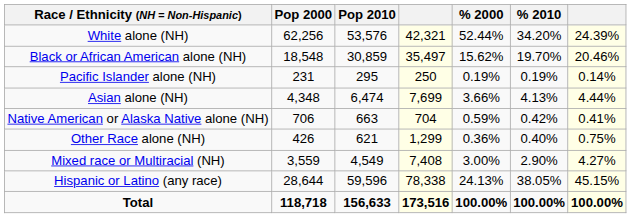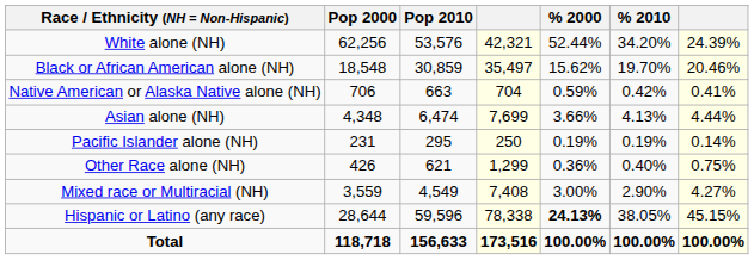 <table class="wikitable" style="text-align:center;">
 <tr>
 <th>Race / Ethnicity <small>(<em>NH = Non-Hispanic</em>)</small></th>
 <th>Pop 2000</th>
 <th>Pop 2010</th>
 <th></th>
 <th>% 2000</th>
 <th>% 2010</th>
 <th></th>
 </tr>
 <tr>
 <td><a href='#'>White</a> alone (NH)</td>
 <td>62,256</td>
 <td>53,576</td>
 <td style='background: #ffffe6;'>42,321</td>
 <td>52.44%</td>
 <td>34.20%</td>
 <td style='background: #ffffe6;'>24.39%</td>
 </tr>
 <tr>
 <td><a href='#'>Black or African American</a> alone (NH)</td>
 <td>18,548</td>
 <td>30,859</td>
 <td style='background: #ffffe6;'>35,497</td>
 <td>15.62%</td>
 <td>19.70%</td>
 <td style='background: #ffffe6;'>20.46%</td>
 </tr>
 <tr>
-<td><a href='#'>Pacific Islander</a> alone (NH)</td>
-<td>231</td>
-<td>295</td>
-<td style='background: #ffffe6;'>250</td>
-<td>0.19%</td>
-<td>0.19%</td>
-<td style='background: #ffffe6;'>0.14%</td>
+<td><a href='#'>Native American</a> or <a href='#'>Alaska Native</a> alone (NH)</td>
+<td>706</td>
+<td>663</td>
+<td style='background: #ffffe6;'>704</td>
+<td>0.59%</td>
+<td>0.42%</td>
+<td style='background: #ffffe6;'>0.41%</td>
 </tr>
 <tr>
 <td><a href='#'>Asian</a> alone (NH)</td>
 <td>4,348</td>
 <td>6,474</td>
 <td style='background: #ffffe6;'>7,699</td>
 <td>3.66%</td>
 <td>4.13%</td>
 <td style='background: #ffffe6;'>4.44%</td>
 </tr>
 <tr>
-<td><a href='#'>Native American</a> or <a href='#'>Alaska Native</a> alone (NH)</td>
-<td>706</td>
-<td>663</td>
-<td style='background: #ffffe6;'>704</td>
-<td>0.59%</td>
-<td>0.42%</td>
-<td style='background: #ffffe6;'>0.41%</td>
+<td><a href='#'>Pacific Islander</a> alone (NH)</td>
+<td>231</td>
+<td>295</td>
+<td style='background: #ffffe6;'>250</td>
+<td>0.19%</td>
+<td>0.19%</td>
+<td style='background: #ffffe6;'>0.14%</td>
 </tr>
 <tr>
 <td><a href='#'>Other Race</a> alone (NH)</td>
 <td>426</td>
 <td>621</td>
 <td style='background: #ffffe6;'>1,299</td>
 <td>0.36%</td>
 <td>0.40%</td>
 <td style='background: #ffffe6;'>0.75%</td>
 </tr>
 <tr>
 <td><a href='#'>Mixed race or Multiracial</a> (NH)</td>
 <td>3,559</td>
 <td>4,549</td>
 <td style='background: #ffffe6;'>7,408</td>
 <td>3.00%</td>
 <td>2.90%</td>
 <td style='background: #ffffe6;'>4.27%</td>
 </tr>
 <tr>
 <td><a href='#'>Hispanic or Latino</a> (any race)</td>
 <td>28,644</td>
 <td>59,596</td>
 <td style='background: #ffffe6;'>78,338</td>
-<td>24.13%</td>
+<td><strong>24.13%</strong></td>
 <td>38.05%</td>
 <td style='background: #ffffe6;'>45.15%</td>
 </tr>
 <tr>
 <td><strong>Total</strong></td>
 <td><strong>118,718</strong></td>
 <td><strong>156,633</strong></td>
 <td style='background: #ffffe6;'><strong>173,516</strong></td>
 <td><strong>100.00%</strong></td>
 <td><strong>100.00%</strong></td>
 <td style='background: #ffffe6;'><strong>100.00%</strong></td>
 </tr>
 </table>
